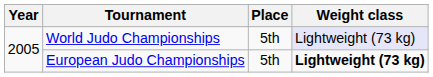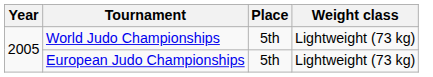 <table class=wikitable>
 <tr>
 <th>Year</th>
 <th>Tournament</th>
 <th>Place</th>
 <th>Weight class</th>
 </tr>
 <tr>
 <td rowspan=2>2005</td>
 <td><a href='#'>World Judo Championships</a></td>
 <td align="center">5th</td>
-<td style="background: lavender;">Lightweight (73 kg)</td>
+<td>Lightweight (73 kg)</td>
 </tr>
 <tr>
 <td><a href='#'>European Judo Championships</a></td>
 <td align="center">5th</td>
-<td><strong>Lightweight (73 kg)</strong></td>
+<td>Lightweight (73 kg)</td>
 </tr>
 </table>
